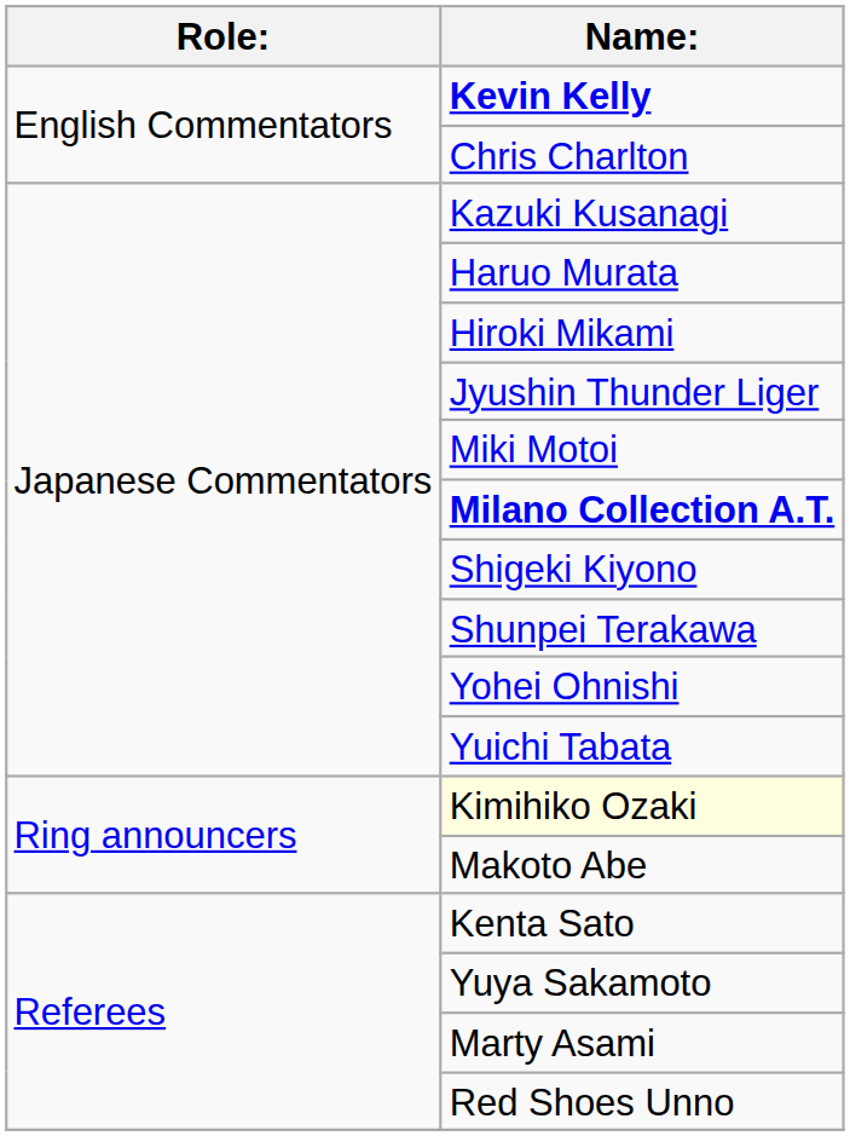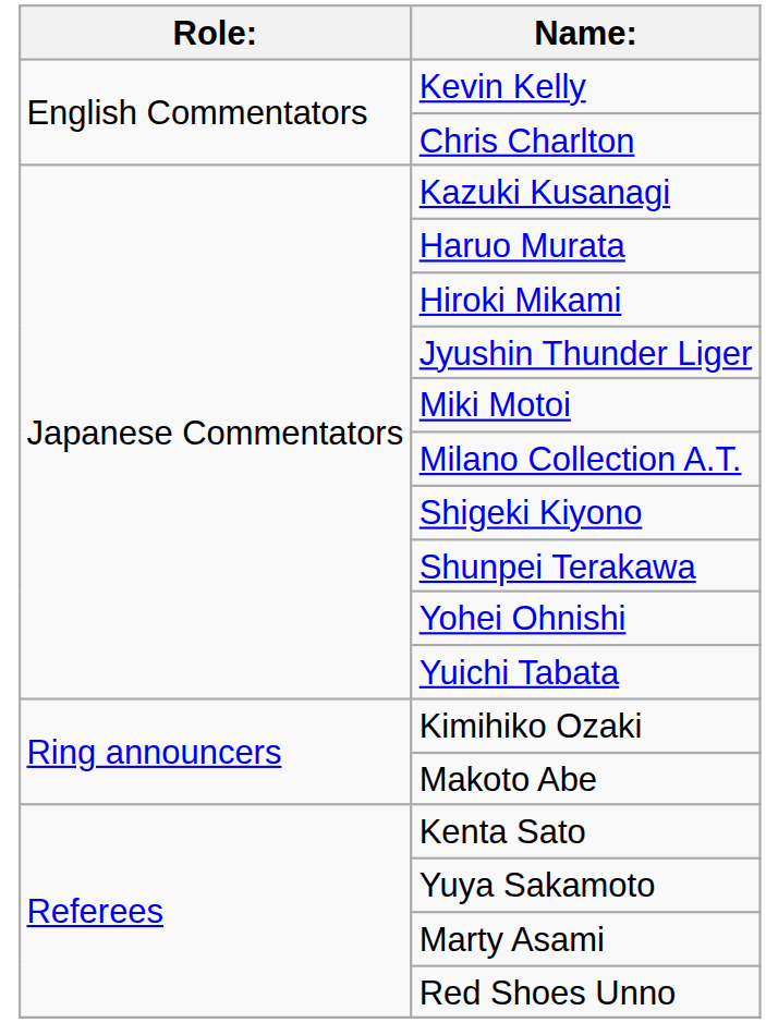 <table class=wikitable style="font-size:90%; margin: 0.5em 0 0.5em 1em; float: right; clear: right;">
 <tr>
 <th>Role:</th>
 <th>Name:</th>
 </tr>
 <tr>
 <td rowspan="2">English Commentators</td>
-<td><strong><a href='#'>Kevin Kelly</a></strong></td>
+<td><a href='#'>Kevin Kelly</a></td>
 </tr>
 <tr>
 <td><a href='#'>Chris Charlton</a> </td>
 </tr>
 <tr>
 <td rowspan="10">Japanese Commentators</td>
 <td><a href='#'>Kazuki Kusanagi</a> </td>
 </tr>
 <tr>
 <td><a href='#'>Haruo Murata</a> </td>
 </tr>
 <tr>
 <td><a href='#'>Hiroki Mikami</a> </td>
 </tr>
 <tr>
 <td><a href='#'>Jyushin Thunder Liger</a> </td>
 </tr>
 <tr>
 <td><a href='#'>Miki Motoi</a> </td>
 </tr>
 <tr>
-<td><strong><a href='#'>Milano Collection A.T.</a></strong></td>
+<td><a href='#'>Milano Collection A.T.</a></td>
 </tr>
 <tr>
 <td><a href='#'>Shigeki Kiyono</a> </td>
 </tr>
 <tr>
 <td><a href='#'>Shunpei Terakawa</a> </td>
 </tr>
 <tr>
 <td><a href='#'>Yohei Ohnishi</a> </td>
 </tr>
 <tr>
 <td><a href='#'>Yuichi Tabata</a> </td>
 </tr>
 <tr>
 <td rowspan=2><a href='#'>Ring announcers</a></td>
-<td style="background: lightyellow;">Kimihiko Ozaki</td>
+<td>Kimihiko Ozaki</td>
 </tr>
 <tr>
 <td>Makoto Abe</td>
 </tr>
 <tr>
 <td rowspan="4"><a href='#'>Referees</a></td>
 <td>Kenta Sato</td>
 </tr>
 <tr>
 <td>Yuya Sakamoto</td>
 </tr>
 <tr>
 <td>Marty Asami</td>
 </tr>
 <tr>
 <td>Red Shoes Unno</td>
 </tr>
 <tr>
 </tr>
 </table>
